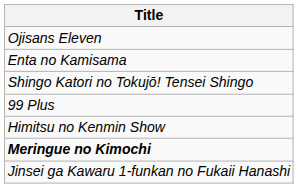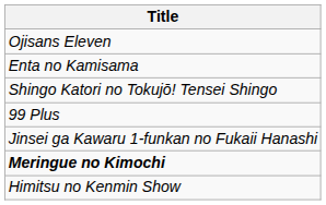 <table class="wikitable">
 <tr>
 <th>Title</th>
 </tr>
 <tr>
 <td><em>Ojisans Eleven</em></td>
 </tr>
 <tr>
 <td><em>Enta no Kamisama</em></td>
 </tr>
 <tr>
 <td><em>Shingo Katori no Tokujō! Tensei Shingo</em></td>
 </tr>
 <tr>
 <td><em>99 Plus</em></td>
 </tr>
 <tr>
-<td><em>Himitsu no Kenmin Show</em></td>
+<td><em>Jinsei ga Kawaru 1-funkan no Fukaii Hanashi</em></td>
 </tr>
 <tr>
 <td><strong><em>Meringue no Kimochi</em></strong></td>
 </tr>
 <tr>
-<td><em>Jinsei ga Kawaru 1-funkan no Fukaii Hanashi</em></td>
+<td><em>Himitsu no Kenmin Show</em></td>
 </tr>
 </table>
